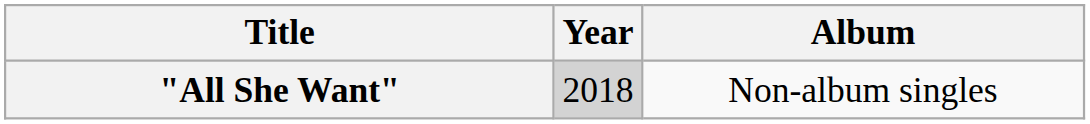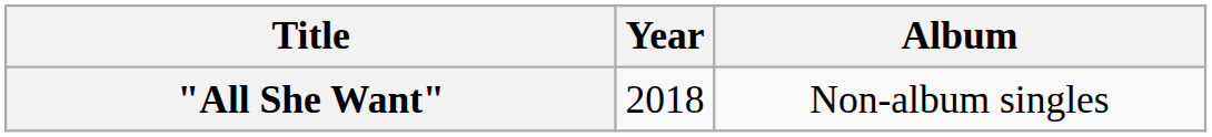 <table class="wikitable plainrowheaders" style="text-align:center;">
 <tr>
 <th scope="col" style="width:15em;">Title</th>
 <th scope="col" style="width:1em;">Year</th>
 <th scope="col" style="width:12em;">Album</th>
 </tr>
 <tr>
 <th scope="row">"All She Want"<br></th>
-<td style="background: lightgrey;">2018</td>
+<td>2018</td>
 <td>Non-album singles</td>
 </tr>
 </table>
